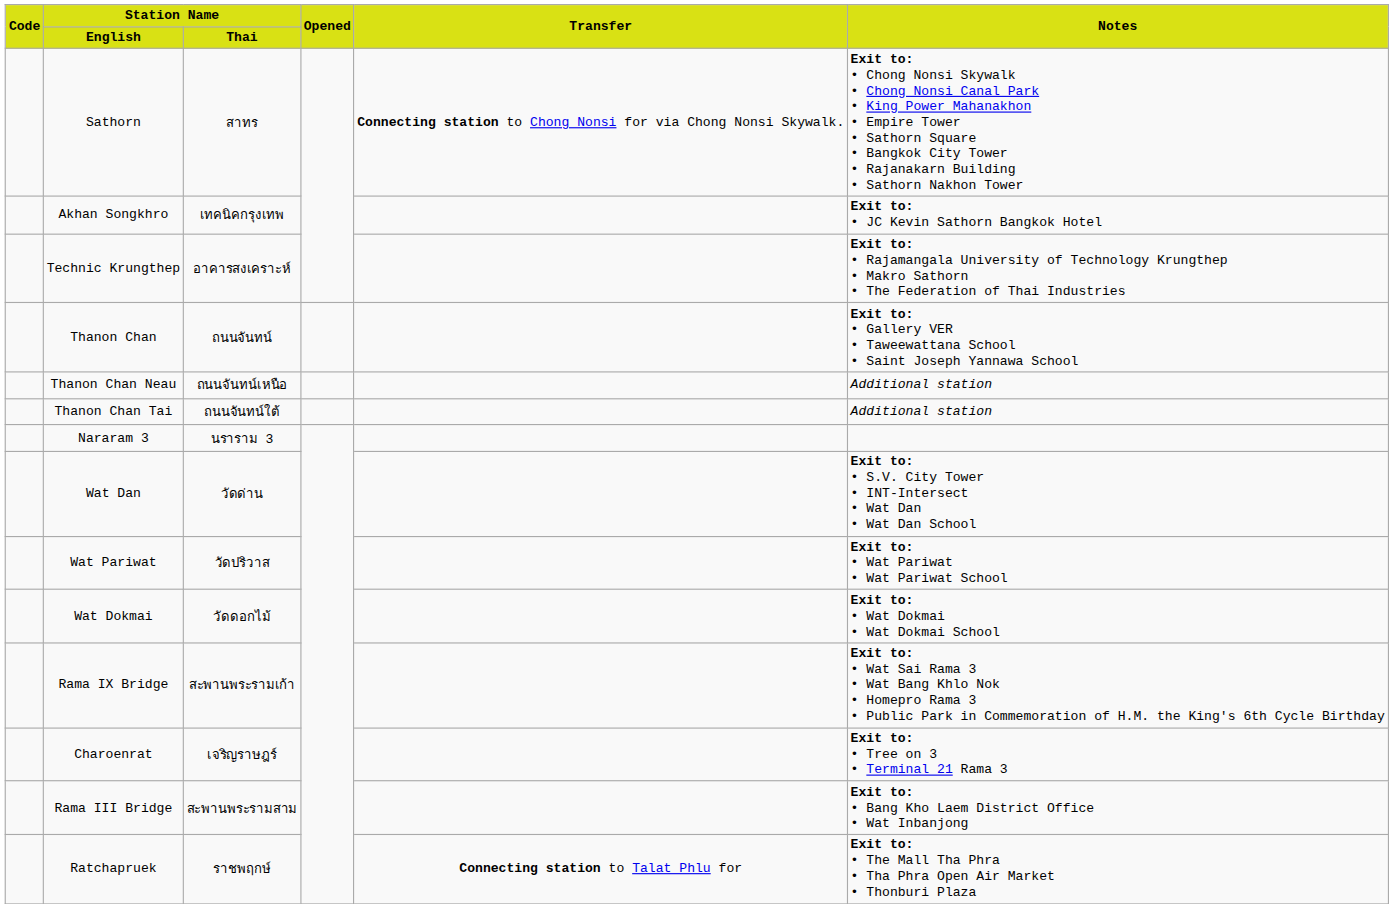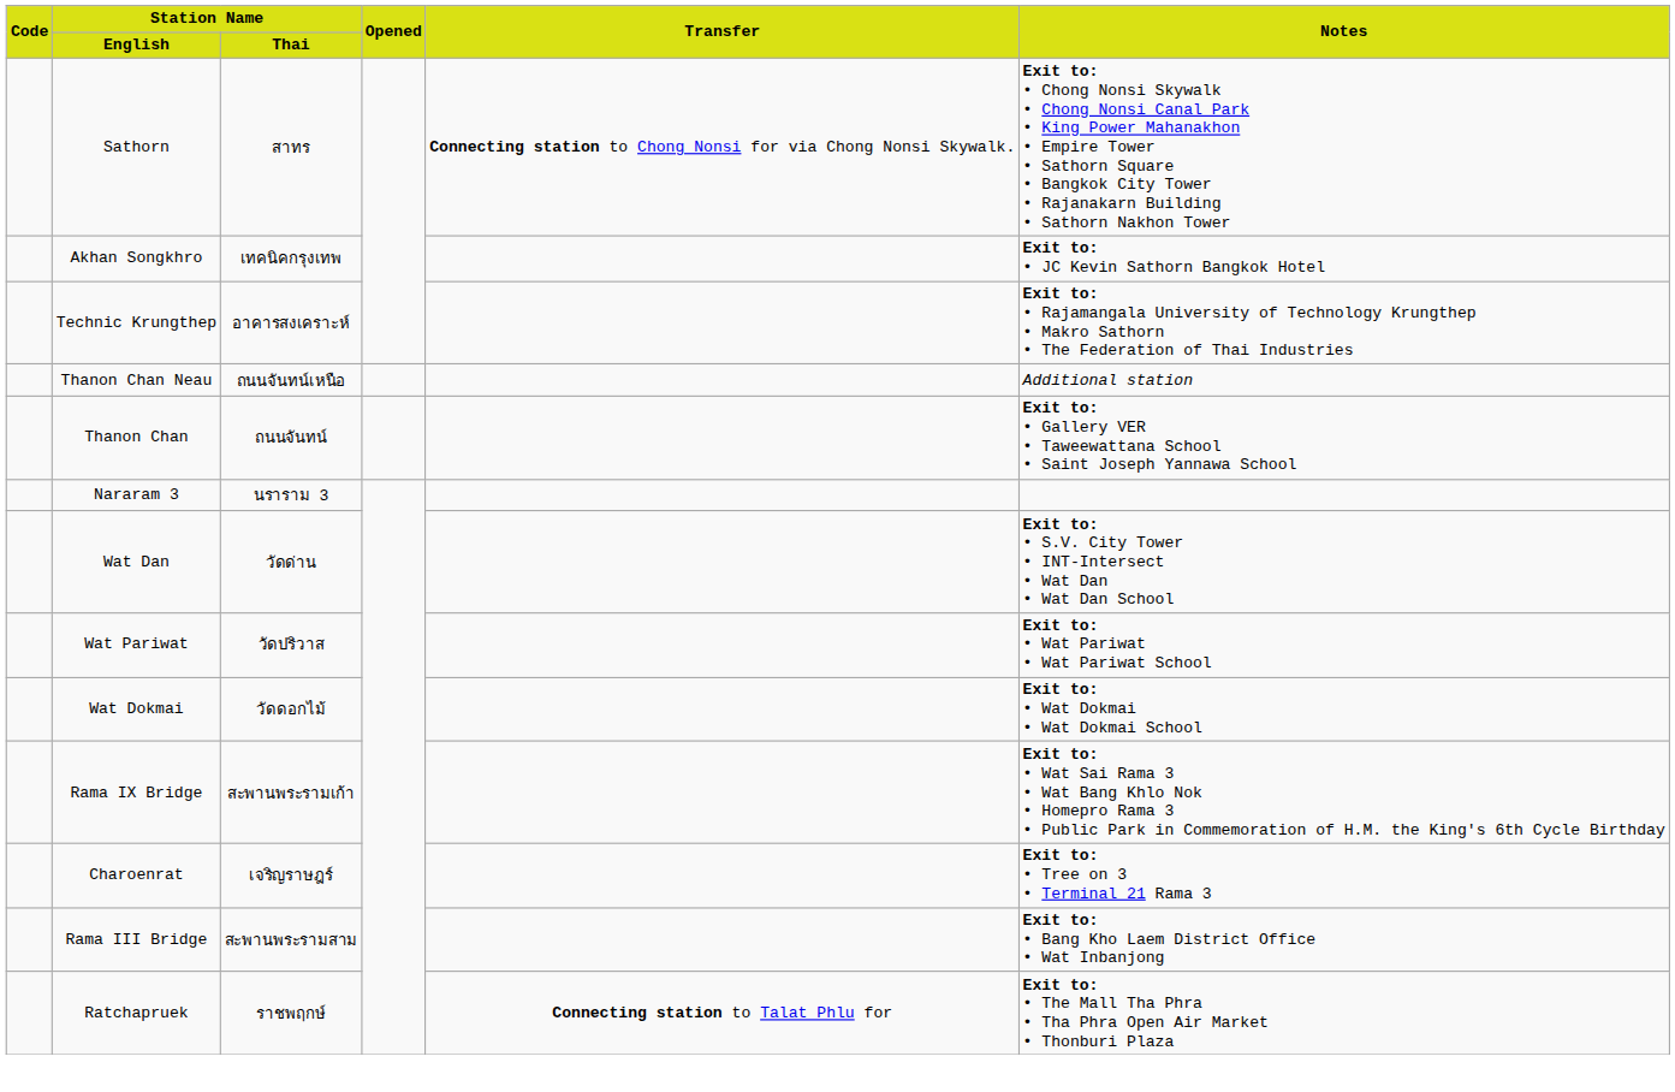 <table class="wikitable" style=margin:auto;font-align:center;text-align:center;font-size:90%;">
 <tr>
 <th style="background:#D9E114;"rowspan="2">Code</th>
 <th style="background:#D9E114;"colspan="2">Station Name</th>
 <th style="background:#D9E114;"rowspan="2">Opened</th>
 <th style="background:#D9E114;"rowspan="2">Transfer</th>
 <th style="background:#D9E114;"rowspan="2">Notes</th>
 </tr>
 <tr>
 <th style="background:#D9E114;">English</th>
 <th style="background:#D9E114;">Thai</th>
 </tr>
 <tr>
 <td></td>
 <td>Sathorn</td>
 <td>สาทร</td>
 <td rowspan="3"></td>
 <td><strong>Connecting station</strong> to <a href='#'>Chong Nonsi</a> for  via Chong Nonsi Skywalk.</td>
 <td align="left"><strong>Exit to:</strong><br>• Chong Nonsi Skywalk<br>• <a href='#'>Chong Nonsi Canal Park</a><br>• <a href='#'>King Power Mahanakhon</a><br>• Empire Tower<br>• Sathorn Square<br>• Bangkok City Tower<br>• Rajanakarn Building<br>• Sathorn Nakhon Tower</td>
 </tr>
 <tr>
 <td></td>
 <td>Akhan Songkhro</td>
 <td>เทคนิคกรุงเทพ</td>
 <td></td>
 <td align="left"><strong>Exit to:</strong><br>• JC Kevin Sathorn Bangkok Hotel</td>
 </tr>
 <tr>
 <td></td>
 <td>Technic Krungthep</td>
 <td>อาคารสงเคราะห์</td>
 <td></td>
 <td align="left"><strong>Exit to:</strong><br>• Rajamangala University of Technology Krungthep<br>• Makro Sathorn<br>• The Federation of Thai Industries</td>
 </tr>
 <tr>
 <td></td>
-<td>Thanon Chan</td>
-<td>ถนนจันทน์</td>
-<td></td>
-<td></td>
-<td align="left"><strong>Exit to:</strong><br>• Gallery VER<br>• Taweewattana School<br>• Saint Joseph Yannawa School</td>
-</tr>
-<tr>
-<td></td>
 <td>Thanon Chan Neau</td>
 <td>ถนนจันทน์เหนือ</td>
 <td></td>
 <td></td>
 <td align="left"><em>Additional station</em></td>
 </tr>
 <tr>
 <td></td>
-<td>Thanon Chan Tai</td>
-<td>ถนนจันทน์ใต้</td>
+<td>Thanon Chan</td>
+<td>ถนนจันทน์</td>
 <td></td>
 <td></td>
-<td align="left"><em>Additional station</em></td>
+<td align="left"><strong>Exit to:</strong><br>• Gallery VER<br>• Taweewattana School<br>• Saint Joseph Yannawa School</td>
 </tr>
 <tr>
 <td></td>
 <td>Nararam 3</td>
 <td>นราราม 3</td>
 <td rowspan="8"></td>
 <td></td>
 <td></td>
 </tr>
 <tr>
 <td></td>
 <td>Wat Dan</td>
 <td>วัดด่าน</td>
 <td></td>
 <td align="left"><strong>Exit to:</strong><br>• S.V. City Tower<br>• INT-Intersect<br>• Wat Dan<br>• Wat Dan School</td>
 </tr>
 <tr>
 <td></td>
 <td>Wat Pariwat</td>
 <td>วัดปริวาส</td>
 <td></td>
 <td align="left"><strong>Exit to:</strong><br>• Wat Pariwat<br>• Wat Pariwat School</td>
 </tr>
 <tr>
 <td></td>
 <td>Wat Dokmai</td>
 <td>วัดดอกไม้</td>
 <td></td>
 <td align="left"><strong>Exit to:</strong><br>• Wat Dokmai<br>• Wat Dokmai School</td>
 </tr>
 <tr>
 <td></td>
 <td>Rama IX Bridge</td>
 <td>สะพานพระรามเก้า</td>
 <td></td>
 <td align="left"><strong>Exit to:</strong><br>• Wat Sai Rama 3<br>• Wat Bang Khlo Nok<br>• Homepro Rama 3<br>• Public Park in Commemoration of H.M. the King's 6th Cycle Birthday</td>
 </tr>
 <tr>
 <td></td>
 <td>Charoenrat</td>
 <td>เจริญราษฎร์</td>
 <td></td>
 <td align="left"><strong>Exit to:</strong><br>• Tree on 3<br>• <a href='#'>Terminal 21</a> Rama 3</td>
 </tr>
 <tr>
 <td></td>
 <td>Rama III Bridge</td>
 <td>สะพานพระรามสาม</td>
 <td></td>
 <td align="left"><strong>Exit to:</strong><br>• Bang Kho Laem District Office<br>• Wat Inbanjong</td>
 </tr>
 <tr>
 <td></td>
 <td>Ratchapruek</td>
 <td>ราชพฤกษ์</td>
 <td><strong>Connecting station</strong> to <a href='#'>Talat Phlu</a> for </td>
 <td align="left"><strong>Exit to:</strong><br>• The Mall Tha Phra<br>• Tha Phra Open Air Market<br>• Thonburi Plaza</td>
 </tr>
 </table>
